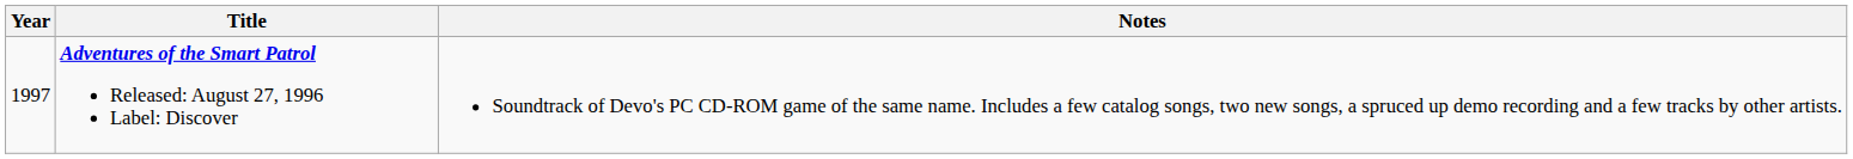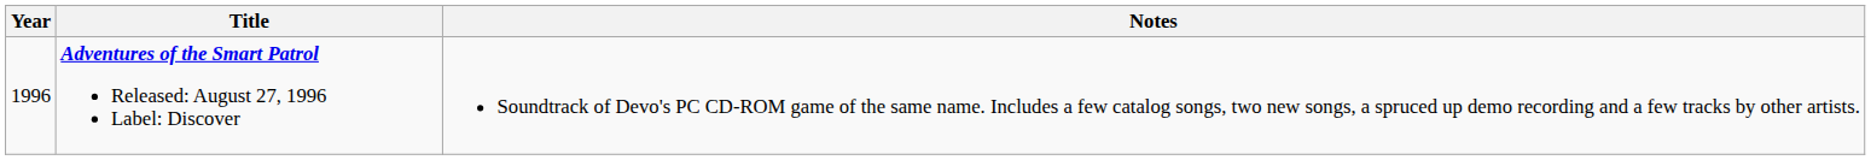 <table class="wikitable">
 <tr>
 <th style="width:33px;">Year</th>
 <th style="width:300px;">Title</th>
 <th>Notes</th>
 </tr>
 <tr>
-<td style="text-align:center;">1997</td>
+<td style="text-align:center;">1996</td>
 <td><strong><em><a href='#'>Adventures of the Smart Patrol</a></em></strong><br><ul><li>Released: August 27, 1996</li><li>Label: Discover</li></ul></td>
 <td><br><ul><li>Soundtrack of Devo's PC CD-ROM game of the same name.  Includes a few catalog songs, two new songs, a spruced up demo recording and a few tracks by other artists.</li></ul></td>
 </tr>
 </table>
